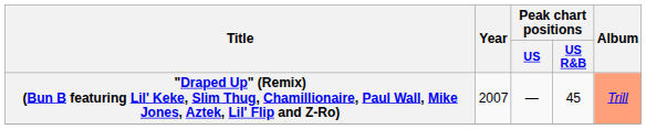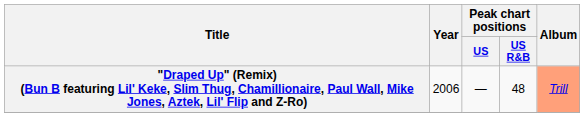 <table class="wikitable plainrowheaders" style="text-align:center;">
 <tr>
 <th scope="col" rowspan="2" style="width:35em;">Title</th>
 <th scope="col" rowspan="2">Year</th>
 <th scope="col" colspan="2">Peak chart positions</th>
 <th scope="col" rowspan="2">Album</th>
 </tr>
 <tr>
 <th scope="col" style="width:3em;font-size:90%;"><a href='#'>US</a></th>
 <th scope="col" style="width:3em;font-size:90%;"><a href='#'>US<br>R&B</a></th>
 </tr>
 <tr>
 <th scope="row">"<a href='#'>Draped Up</a>" (Remix)<br><span>(<a href='#'>Bun B</a> featuring <a href='#'>Lil' Keke</a>, <a href='#'>Slim Thug</a>, <a href='#'>Chamillionaire</a>, <a href='#'>Paul Wall</a>, <a href='#'>Mike Jones</a>, <a href='#'>Aztek</a>, <a href='#'>Lil' Flip</a> and Z-Ro)</span></th>
-<td>2007</td>
+<td>2006</td>
 <td>—</td>
-<td>45</td>
+<td>48</td>
 <td style="background: lightsalmon;"><em><a href='#'>Trill</a></em></td>
 </tr>
 <tr>
 </tr>
 </table>
